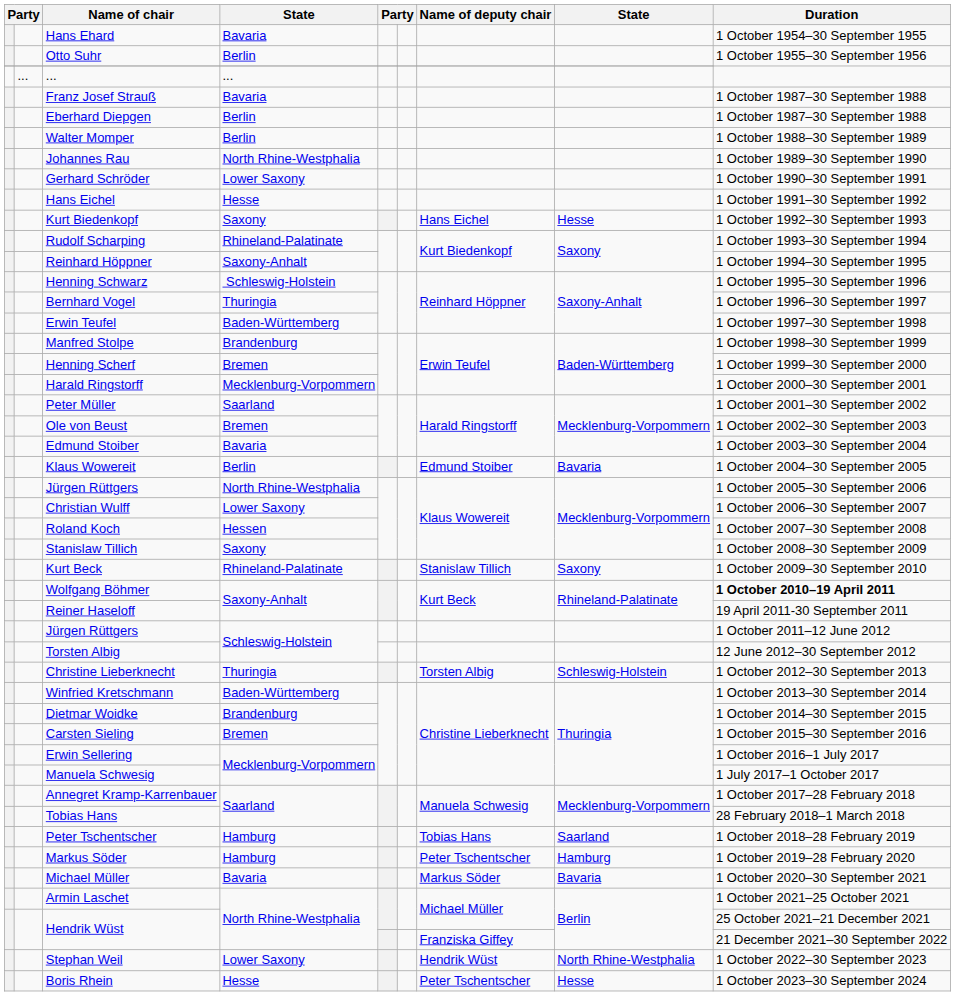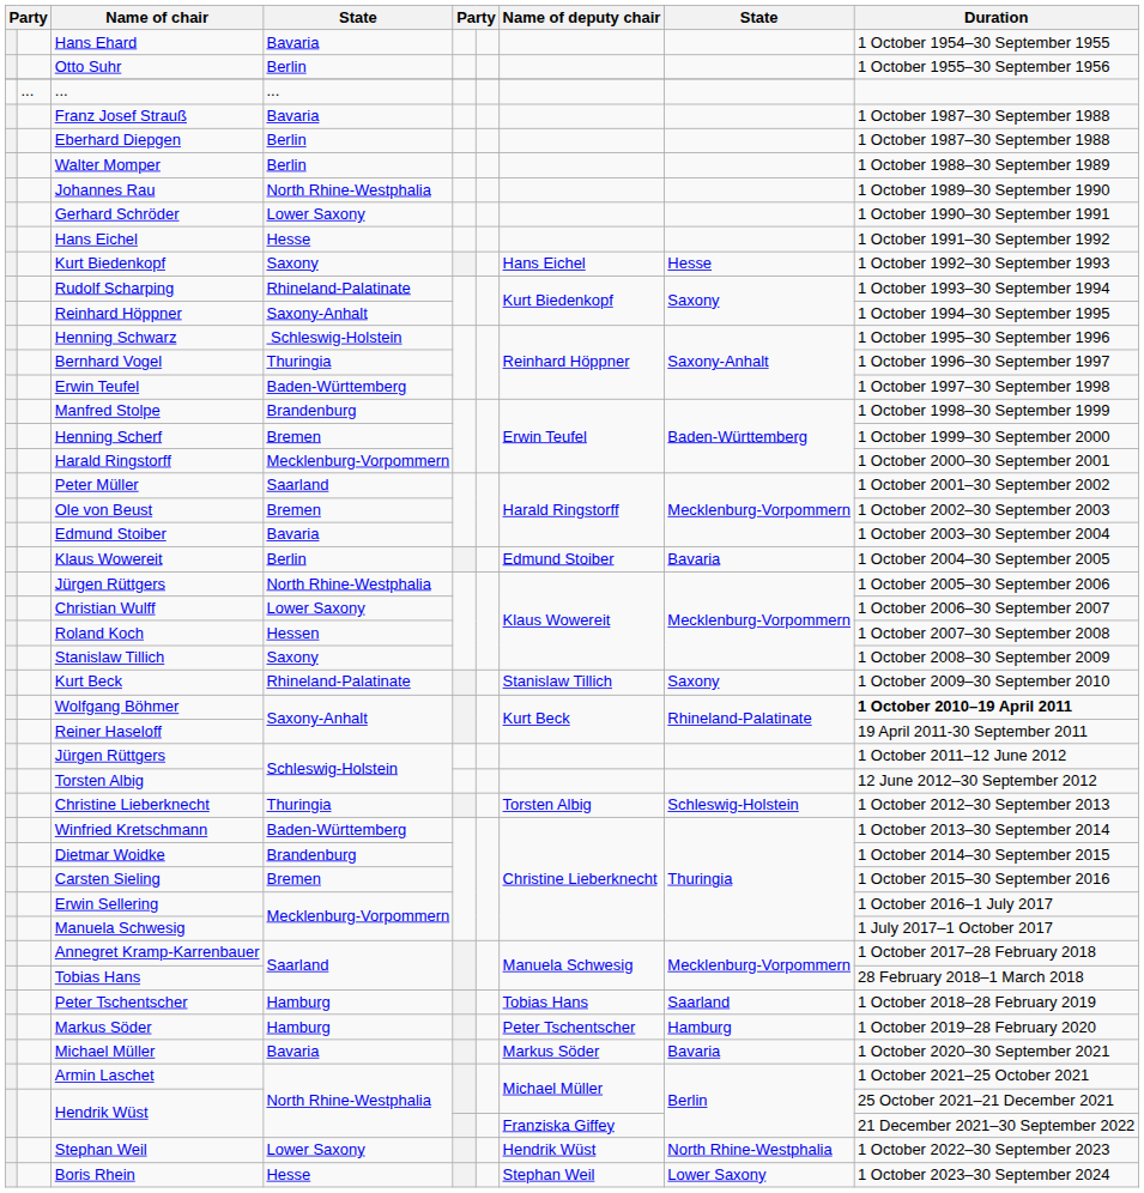 <table class="wikitable">
 <tr>
 <th colspan=2>Party</th>
 <th>Name of chair</th>
 <th>State</th>
 <th colspan=2>Party</th>
 <th>Name of deputy chair</th>
 <th>State</th>
 <th>Duration</th>
 </tr>
 <tr>
 <th style="background-color: "></th>
 <td></td>
 <td><a href='#'>Hans Ehard</a></td>
 <td><a href='#'>Bavaria</a></td>
 <td></td>
 <td></td>
 <td></td>
 <td></td>
 <td>1 October 1954–30 September 1955</td>
 </tr>
 <tr>
 <th style="background-color: "></th>
 <td></td>
 <td><a href='#'>Otto Suhr</a></td>
 <td><a href='#'>Berlin</a></td>
 <td></td>
 <td></td>
 <td></td>
 <td></td>
 <td>1 October 1955–30 September 1956</td>
 </tr>
 <tr>
 </tr>
 <tr>
 <td></td>
 <td>...</td>
 <td>...</td>
 <td>...</td>
 <td></td>
 <td></td>
 <td></td>
 <td></td>
 </tr>
 <tr>
 <th style="background-color: "></th>
 <td></td>
 <td><a href='#'>Franz Josef Strauß</a></td>
 <td><a href='#'>Bavaria</a></td>
 <td></td>
 <td></td>
 <td></td>
 <td></td>
 <td>1 October 1987–30 September 1988</td>
 </tr>
 <tr>
 <th style="background-color: "></th>
 <td></td>
 <td><a href='#'>Eberhard Diepgen</a></td>
 <td><a href='#'>Berlin</a></td>
 <td></td>
 <td></td>
 <td></td>
 <td></td>
 <td>1 October 1987–30 September 1988</td>
 </tr>
 <tr>
 <th style="background-color: "></th>
 <td></td>
 <td><a href='#'>Walter Momper</a></td>
 <td><a href='#'>Berlin</a></td>
 <td></td>
 <td></td>
 <td></td>
 <td></td>
 <td>1 October 1988–30 September 1989</td>
 </tr>
 <tr>
 <th style="background-color: "></th>
 <td></td>
 <td><a href='#'>Johannes Rau</a></td>
 <td><a href='#'>North Rhine-Westphalia</a></td>
 <td></td>
 <td></td>
 <td></td>
 <td></td>
 <td>1 October 1989–30 September 1990</td>
 </tr>
 <tr>
 <th style="background-color: "></th>
 <td></td>
 <td><a href='#'>Gerhard Schröder</a></td>
 <td><a href='#'>Lower Saxony</a></td>
 <td></td>
 <td></td>
 <td></td>
 <td></td>
 <td>1 October 1990–30 September 1991</td>
 </tr>
 <tr>
 <th style="background-color: "></th>
 <td></td>
 <td><a href='#'>Hans Eichel</a></td>
 <td><a href='#'>Hesse</a></td>
 <td></td>
 <td></td>
 <td></td>
 <td></td>
 <td>1 October 1991–30 September 1992</td>
 </tr>
 <tr>
 <th style="background-color: "></th>
 <td></td>
 <td><a href='#'>Kurt Biedenkopf</a></td>
 <td><a href='#'>Saxony</a></td>
 <th style="background-color: "></th>
 <td></td>
 <td><a href='#'>Hans Eichel</a></td>
 <td><a href='#'>Hesse</a></td>
 <td>1 October 1992–30 September 1993</td>
 </tr>
 <tr>
 <th style="background-color: "></th>
 <td></td>
 <td><a href='#'>Rudolf Scharping</a></td>
 <td><a href='#'>Rhineland-Palatinate</a></td>
 <td rowspan="2" style="background-color: "></td>
 <td rowspan="2"></td>
 <td rowspan="2"><a href='#'>Kurt Biedenkopf</a></td>
 <td rowspan="2"><a href='#'>Saxony</a></td>
 <td>1 October 1993–30 September 1994</td>
 </tr>
 <tr>
 <th style="background-color: "></th>
 <td></td>
 <td><a href='#'>Reinhard Höppner</a></td>
 <td><a href='#'>Saxony-Anhalt</a></td>
 <td>1 October 1994–30 September 1995</td>
 </tr>
 <tr>
 <th style="background-color: "></th>
 <td></td>
 <td><a href='#'>Henning Schwarz</a></td>
 <td><a href='#'> Schleswig-Holstein</a></td>
 <td rowspan="3" style="background-color: "></td>
 <td rowspan="3"></td>
 <td rowspan="3"><a href='#'>Reinhard Höppner</a></td>
 <td rowspan="3"><a href='#'>Saxony-Anhalt</a></td>
 <td>1 October 1995–30 September 1996</td>
 </tr>
 <tr>
 <th style="background-color: "></th>
 <td></td>
 <td><a href='#'>Bernhard Vogel</a></td>
 <td><a href='#'>Thuringia</a></td>
 <td>1 October 1996–30 September 1997</td>
 </tr>
 <tr>
 <th style="background-color: "></th>
 <td></td>
 <td><a href='#'>Erwin Teufel</a></td>
 <td><a href='#'>Baden-Württemberg</a></td>
 <td>1 October 1997–30 September 1998</td>
 </tr>
 <tr>
 <th style="background-color: "></th>
 <td></td>
 <td><a href='#'>Manfred Stolpe</a></td>
 <td><a href='#'>Brandenburg</a></td>
 <td rowspan="3" style="background-color: "></td>
 <td rowspan="3"></td>
 <td rowspan="3"><a href='#'>Erwin Teufel</a></td>
 <td rowspan="3"><a href='#'>Baden-Württemberg</a></td>
 <td>1 October 1998–30 September 1999</td>
 </tr>
 <tr>
 <th style="background-color: "></th>
 <td></td>
 <td><a href='#'>Henning Scherf</a></td>
 <td><a href='#'>Bremen</a></td>
 <td>1 October 1999–30 September 2000</td>
 </tr>
 <tr>
 <th style="background-color: "></th>
 <td></td>
 <td><a href='#'>Harald Ringstorff</a></td>
 <td><a href='#'>Mecklenburg-Vorpommern</a></td>
 <td>1 October 2000–30 September 2001</td>
 </tr>
 <tr>
 <th style="background-color: "></th>
 <td></td>
 <td><a href='#'>Peter Müller</a></td>
 <td><a href='#'>Saarland</a></td>
 <td rowspan="3" style="background-color: "></td>
 <td rowspan="3"></td>
 <td rowspan="3"><a href='#'>Harald Ringstorff</a></td>
 <td rowspan="3"><a href='#'>Mecklenburg-Vorpommern</a></td>
 <td>1 October 2001–30 September 2002</td>
 </tr>
 <tr>
 <th style="background-color: "></th>
 <td></td>
 <td><a href='#'>Ole von Beust</a></td>
 <td><a href='#'>Bremen</a></td>
 <td>1 October 2002–30 September 2003</td>
 </tr>
 <tr>
 <th style="background-color: "></th>
 <td></td>
 <td><a href='#'>Edmund Stoiber</a></td>
 <td><a href='#'>Bavaria</a></td>
 <td>1 October 2003–30 September 2004</td>
 </tr>
 <tr>
 <th style="background-color: "></th>
 <td></td>
 <td><a href='#'>Klaus Wowereit</a></td>
 <td><a href='#'>Berlin</a></td>
 <th style="background-color: "></th>
 <td></td>
 <td><a href='#'>Edmund Stoiber</a></td>
 <td><a href='#'>Bavaria</a></td>
 <td>1 October 2004–30 September 2005</td>
 </tr>
 <tr>
 <th style="background-color: "></th>
 <td></td>
 <td><a href='#'>Jürgen Rüttgers</a></td>
 <td><a href='#'>North Rhine-Westphalia</a></td>
 <td rowspan="4" style="background-color: "></td>
 <td rowspan="4"></td>
 <td rowspan="4"><a href='#'>Klaus Wowereit</a></td>
 <td rowspan="4"><a href='#'>Mecklenburg-Vorpommern</a></td>
 <td>1 October 2005–30 September 2006</td>
 </tr>
 <tr>
 <th style="background-color: "></th>
 <td></td>
 <td><a href='#'>Christian Wulff</a></td>
 <td><a href='#'>Lower Saxony</a></td>
 <td>1 October 2006–30 September 2007</td>
 </tr>
 <tr>
 <th style="background-color: "></th>
 <td></td>
 <td><a href='#'>Roland Koch</a></td>
 <td><a href='#'>Hessen</a></td>
 <td>1 October 2007–30 September 2008</td>
 </tr>
 <tr>
 <th style="background-color: "></th>
 <td></td>
 <td><a href='#'>Stanislaw Tillich</a></td>
 <td><a href='#'>Saxony</a></td>
 <td>1 October 2008–30 September 2009</td>
 </tr>
 <tr>
 <th style="background-color: "></th>
 <td></td>
 <td><a href='#'>Kurt Beck</a></td>
 <td><a href='#'>Rhineland-Palatinate</a></td>
 <th style="background-color: "></th>
 <td></td>
 <td><a href='#'>Stanislaw Tillich</a></td>
 <td><a href='#'>Saxony</a></td>
 <td>1 October 2009–30 September 2010</td>
 </tr>
 <tr>
 <th style="background-color: "></th>
 <td></td>
 <td><a href='#'>Wolfgang Böhmer</a></td>
 <td rowspan="2"><a href='#'>Saxony-Anhalt</a></td>
 <th rowspan="2" style="background-color: "></th>
 <td rowspan="2"></td>
 <td rowspan="2"><a href='#'>Kurt Beck</a></td>
 <td rowspan="2"><a href='#'>Rhineland-Palatinate</a></td>
 <td><strong>1 October 2010–19 April 2011</strong></td>
 </tr>
 <tr>
 <th style="background-color: "></th>
 <td></td>
 <td><a href='#'>Reiner Haseloff</a></td>
 <td>19 April 2011-30 September 2011</td>
 </tr>
 <tr>
 <th style="background-color: "></th>
 <td></td>
 <td><a href='#'>Jürgen Rüttgers</a></td>
 <td rowspan="2"><a href='#'>Schleswig-Holstein</a></td>
 <td></td>
 <td></td>
 <td></td>
 <td></td>
 <td>1 October 2011–12 June 2012</td>
 </tr>
 <tr>
 <th style="background-color: "></th>
 <td></td>
 <td><a href='#'>Torsten Albig</a></td>
 <td></td>
 <td></td>
 <td></td>
 <td></td>
 <td>12 June 2012–30 September 2012</td>
 </tr>
 <tr>
 <th style="background-color: "></th>
 <td></td>
 <td><a href='#'>Christine Lieberknecht</a></td>
 <td><a href='#'>Thuringia</a></td>
 <th style="background-color: "></th>
 <td></td>
 <td><a href='#'>Torsten Albig </a></td>
 <td><a href='#'>Schleswig-Holstein</a></td>
 <td>1 October 2012–30 September 2013</td>
 </tr>
 <tr>
 <th style="background-color: "></th>
 <td></td>
 <td><a href='#'>Winfried Kretschmann</a></td>
 <td><a href='#'>Baden-Württemberg</a></td>
 <td rowspan="5" style="background-color: "></td>
 <td rowspan="5"></td>
 <td rowspan="5"><a href='#'>Christine Lieberknecht</a></td>
 <td rowspan="5"><a href='#'>Thuringia</a></td>
 <td>1 October 2013–30 September 2014</td>
 </tr>
 <tr>
 <th style="background-color: "></th>
 <td></td>
 <td><a href='#'>Dietmar Woidke</a></td>
 <td><a href='#'>Brandenburg</a></td>
 <td>1 October 2014–30 September 2015</td>
 </tr>
 <tr>
 <th style="background-color: "></th>
 <td></td>
 <td><a href='#'>Carsten Sieling</a></td>
 <td><a href='#'>Bremen</a></td>
 <td>1 October 2015–30 September 2016</td>
 </tr>
 <tr>
 <th style="background-color: "></th>
 <td></td>
 <td><a href='#'>Erwin Sellering</a></td>
 <td rowspan="2"><a href='#'>Mecklenburg-Vorpommern</a></td>
 <td>1 October 2016–1 July 2017</td>
 </tr>
 <tr>
 <th style="background-color: "></th>
 <td></td>
 <td><a href='#'>Manuela Schwesig</a></td>
 <td>1 July 2017–1 October 2017</td>
 </tr>
 <tr>
 <th style="background-color: "></th>
 <td></td>
 <td><a href='#'>Annegret Kramp-Karrenbauer</a></td>
 <td rowspan="2"><a href='#'>Saarland</a></td>
 <th rowspan="2" style="background-color: "></th>
 <td rowspan="2"></td>
 <td rowspan="2"><a href='#'>Manuela Schwesig</a></td>
 <td rowspan="2"><a href='#'>Mecklenburg-Vorpommern</a></td>
 <td>1 October 2017–28 February 2018</td>
 </tr>
 <tr>
 <th style="background-color: "></th>
 <td></td>
 <td><a href='#'>Tobias Hans</a></td>
 <td>28 February 2018–1 March 2018</td>
 </tr>
 <tr>
 <th style="background-color: "></th>
 <td></td>
 <td><a href='#'>Peter Tschentscher</a></td>
 <td><a href='#'>Hamburg</a></td>
 <th style="background-color: "></th>
 <td></td>
 <td><a href='#'>Tobias Hans</a></td>
 <td><a href='#'>Saarland</a></td>
 <td>1 October 2018–28 February 2019</td>
 </tr>
 <tr>
 <th style="background-color: "></th>
 <td></td>
 <td><a href='#'>Markus Söder</a></td>
 <td><a href='#'>Hamburg</a></td>
 <th style="background-color: "></th>
 <td></td>
 <td><a href='#'>Peter Tschentscher</a></td>
 <td><a href='#'>Hamburg</a></td>
 <td>1 October 2019–28 February 2020</td>
 </tr>
 <tr>
 <th style="background-color: "></th>
 <td></td>
 <td><a href='#'>Michael Müller</a></td>
 <td><a href='#'>Bavaria</a></td>
 <th style="background-color: "></th>
 <td></td>
 <td><a href='#'>Markus Söder</a></td>
 <td><a href='#'>Bavaria</a></td>
 <td>1 October 2020–30 September 2021</td>
 </tr>
 <tr>
 <th style="background-color: "></th>
 <td></td>
 <td><a href='#'>Armin Laschet</a></td>
 <td rowspan="3"><a href='#'>North Rhine-Westphalia</a></td>
 <th rowspan="2" style="background-color: "></th>
 <td rowspan="2"></td>
 <td rowspan="2"><a href='#'>Michael Müller</a></td>
 <td rowspan="3"><a href='#'>Berlin</a></td>
 <td>1 October 2021–25 October 2021</td>
 </tr>
 <tr>
 <th rowspan="2" style="background-color: "></th>
 <td rowspan="2"></td>
 <td rowspan="2"><a href='#'>Hendrik Wüst </a></td>
 <td>25 October 2021–21 December 2021</td>
 </tr>
 <tr>
 <th style="background-color: "></th>
 <td></td>
 <td><a href='#'>Franziska Giffey</a></td>
 <td>21 December 2021–30 September 2022</td>
 </tr>
 <tr>
 <th style="background-color: "></th>
 <td></td>
 <td><a href='#'>Stephan Weil</a></td>
 <td><a href='#'>Lower Saxony</a></td>
 <th style="background-color: "></th>
 <td></td>
 <td><a href='#'>Hendrik Wüst</a></td>
 <td><a href='#'>North Rhine-Westphalia</a></td>
 <td>1 October 2022–30 September 2023</td>
 </tr>
 <tr>
 <th style="background-color: "></th>
 <td></td>
 <td><a href='#'>Boris Rhein</a></td>
 <td><a href='#'>Hesse</a></td>
 <th style="background-color: "></th>
 <td></td>
-<td><a href='#'>Peter Tschentscher</a></td>
-<td><a href='#'>Hesse</a></td>
+<td><a href='#'>Stephan Weil</a></td>
+<td><a href='#'>Lower Saxony</a></td>
 <td>1 October 2023–30 September 2024</td>
 </tr>
 </table>
